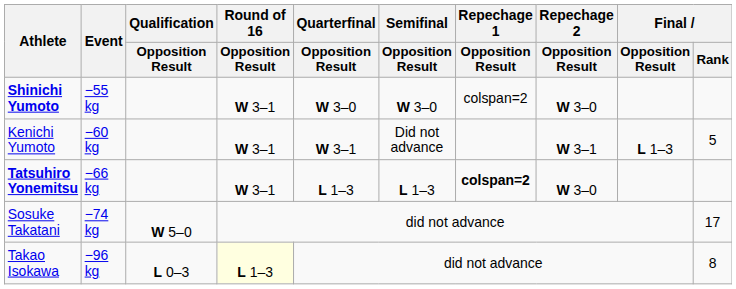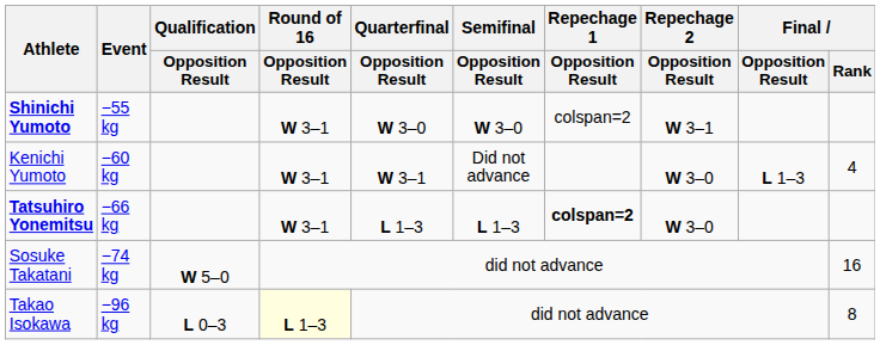 <table class="wikitable" style="font-size:90%">
 <tr>
 <th rowspan="2">Athlete</th>
 <th rowspan="2">Event</th>
 <th>Qualification</th>
 <th>Round of 16</th>
 <th>Quarterfinal</th>
 <th>Semifinal</th>
 <th>Repechage 1</th>
 <th>Repechage 2</th>
 <th colspan=2>Final / </th>
 </tr>
 <tr style="font-size: 95%">
 <th>Opposition<br>Result</th>
 <th>Opposition<br>Result</th>
 <th>Opposition<br>Result</th>
 <th>Opposition<br>Result</th>
 <th>Opposition<br>Result</th>
 <th>Opposition<br>Result</th>
 <th>Opposition<br>Result</th>
 <th>Rank</th>
 </tr>
 <tr align=center>
 <td align=left><strong><a href='#'>Shinichi Yumoto</a></strong></td>
 <td align=left><a href='#'>−55 kg</a></td>
 <td></td>
 <td><br><strong>W</strong> 3–1 <sup></sup></td>
 <td><br><strong>W</strong> 3–0 <sup></sup></td>
 <td><br><strong>W</strong> 3–0 <sup></sup></td>
 <td>colspan=2 </td>
-<td><br><strong>W</strong> 3–0 <sup></sup></td>
+<td><br><strong>W</strong> 3–1 <sup></sup></td>
 <td></td>
 </tr>
 <tr align=center>
 <td align=left><a href='#'>Kenichi Yumoto</a></td>
 <td align=left><a href='#'>−60 kg</a></td>
 <td></td>
 <td><br><strong>W</strong> 3–1 <sup></sup></td>
 <td><br><strong>W</strong> 3–1 <sup></sup></td>
 <td>Did not advance</td>
 <td></td>
-<td><br><strong>W</strong> 3–1 <sup></sup></td>
+<td><br><strong>W</strong> 3–0 <sup></sup></td>
 <td><br><strong>L</strong> 1–3 <sup></sup></td>
-<td>5</td>
+<td>4</td>
 </tr>
 <tr align=center>
 <td align=left><strong><a href='#'>Tatsuhiro Yonemitsu</a></strong></td>
 <td align=left><a href='#'>−66 kg</a></td>
 <td></td>
 <td><br><strong>W</strong> 3–1 <sup></sup></td>
 <td><br><strong>L</strong> 1–3 <sup></sup></td>
 <td><br><strong>L</strong> 1–3 <sup></sup></td>
 <td><strong>colspan=2 </strong></td>
 <td><br><strong>W</strong> 3–0 <sup></sup></td>
 <td></td>
 </tr>
 <tr align=center>
 <td align=left><a href='#'>Sosuke Takatani</a></td>
 <td align=left><a href='#'>−74 kg</a></td>
 <td><br><strong>W</strong> 5–0 <sup></sup></td>
 <td colspan=6>did not advance</td>
-<td>17</td>
+<td>16</td>
 </tr>
 <tr align=center>
 <td align=left><a href='#'>Takao Isokawa</a></td>
 <td align=left><a href='#'>−96 kg</a></td>
 <td><br><strong>L</strong> 0–3 <sup></sup></td>
 <td style="background: lightyellow;"><br><strong>L</strong> 1–3 <sup></sup></td>
 <td colspan=5>did not advance</td>
 <td>8</td>
 </tr>
 </table>
